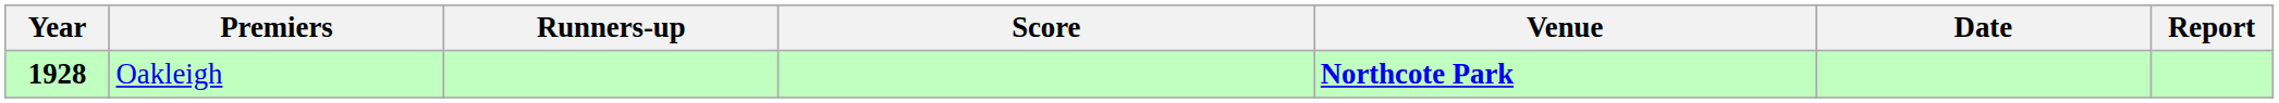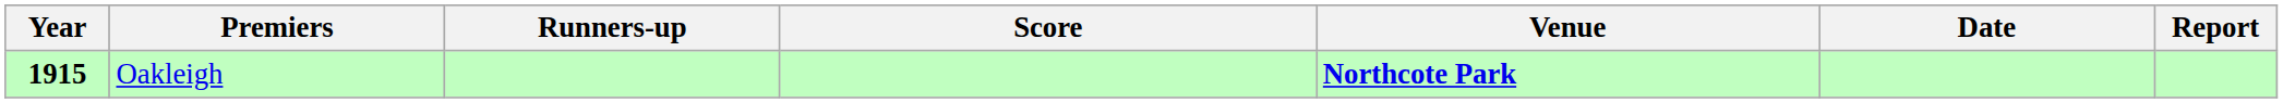 <table class="wikitable sortable" style="text-align:left; text-valign:center">
 <tr>
 <th width=3%>Year</th>
 <th width=10%>Premiers</th>
 <th width=10%>Runners-up</th>
 <th width=16%>Score</th>
 <th width=15%>Venue</th>
 <th width=10%; class=unsortable>Date</th>
 <th width=2%; class=unsortable>Report</th>
 </tr>
 <tr style="background:#C0FFC0;">
-<td align="center"><strong>1928</strong></td>
+<td align="center"><strong>1915</strong></td>
 <td><a href='#'>Oakleigh</a></td>
 <td></td>
 <td align=center></td>
 <td><strong><a href='#'>Northcote Park</a></strong></td>
 <td></td>
 <td align=center></td>
 </tr>
 </table>
